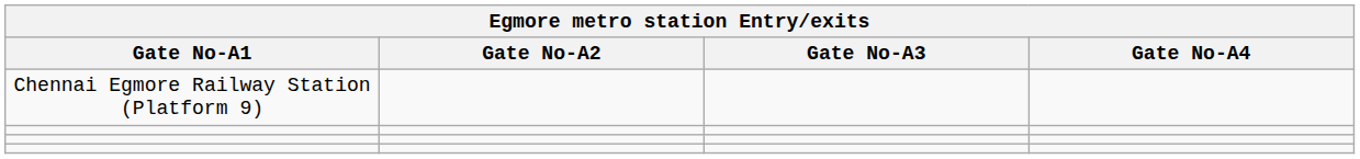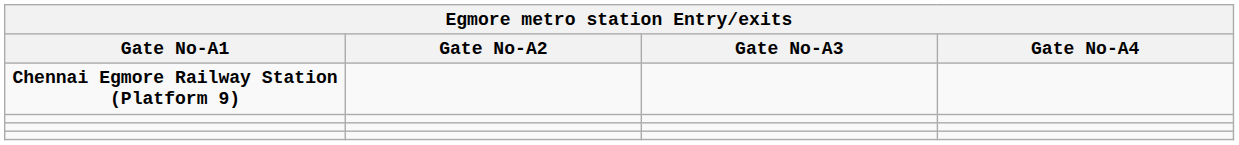 <table class="wikitable" style="text-align: center;" width="70%">
 <tr>
 <th align="center" colspan="5" style="background:#"><span><strong>Egmore metro station Entry/exits </strong></span></th>
 </tr>
 <tr>
 <th style="width:5%;">Gate No-A1</th>
 <th style="width:5%;">Gate No-A2</th>
 <th style="width:5%;">Gate No-A3</th>
 <th style="width:5%;">Gate No-A4</th>
 </tr>
 <tr>
-<td>Chennai Egmore Railway Station (Platform 9)</td>
+<td><strong>Chennai Egmore Railway Station (Platform 9)</strong></td>
 <td></td>
 <td></td>
 <td></td>
 </tr>
 <tr>
 <td></td>
 <td></td>
 <td></td>
 <td></td>
 </tr>
 <tr>
 <td></td>
 <td></td>
 <td></td>
 <td></td>
 </tr>
 <tr>
 <td></td>
 <td></td>
 <td></td>
 <td></td>
 </tr>
 </table>
